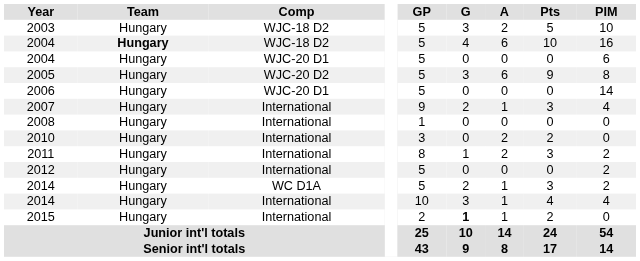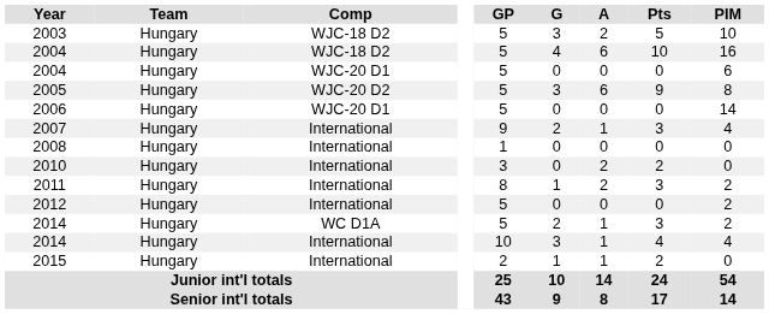 <table border="0" cellpadding="1" cellspacing="0" ID="Table3" style="text-align:center; width:50em">
 <tr ALIGN="center" bgcolor="#e0e0e0">
 <th>Year</th>
 <th>Team</th>
 <th>Comp</th>
 <th ALIGN="center" rowspan="99" bgcolor="#ffffff"> </th>
 <th>GP</th>
 <th>G</th>
 <th>A</th>
 <th>Pts</th>
 <th>PIM</th>
 </tr>
 <tr>
 <td>2003</td>
 <td>Hungary</td>
 <td>WJC-18 D2</td>
 <td>5</td>
 <td>3</td>
 <td>2</td>
 <td>5</td>
 <td>10</td>
 </tr>
 <tr bgcolor="#f0f0f0">
 <td>2004</td>
-<td><strong>Hungary</strong></td>
+<td>Hungary</td>
 <td>WJC-18 D2</td>
 <td>5</td>
 <td>4</td>
 <td>6</td>
 <td>10</td>
 <td>16</td>
 </tr>
 <tr>
 <td>2004</td>
 <td>Hungary</td>
 <td>WJC-20 D1</td>
 <td>5</td>
 <td>0</td>
 <td>0</td>
 <td>0</td>
 <td>6</td>
 </tr>
 <tr bgcolor="#f0f0f0">
 <td>2005</td>
 <td>Hungary</td>
 <td>WJC-20 D2</td>
 <td>5</td>
 <td>3</td>
 <td>6</td>
 <td>9</td>
 <td>8</td>
 </tr>
 <tr>
 <td>2006</td>
 <td>Hungary</td>
 <td>WJC-20 D1</td>
 <td>5</td>
 <td>0</td>
 <td>0</td>
 <td>0</td>
 <td>14</td>
 </tr>
 <tr bgcolor="#f0f0f0">
 <td>2007</td>
 <td>Hungary</td>
 <td>International</td>
 <td>9</td>
 <td>2</td>
 <td>1</td>
 <td>3</td>
 <td>4</td>
 </tr>
 <tr>
 <td>2008</td>
 <td>Hungary</td>
 <td>International</td>
 <td>1</td>
 <td>0</td>
 <td>0</td>
 <td>0</td>
 <td>0</td>
 </tr>
 <tr bgcolor="#f0f0f0">
 <td>2010</td>
 <td>Hungary</td>
 <td>International</td>
 <td>3</td>
 <td>0</td>
 <td>2</td>
 <td>2</td>
 <td>0</td>
 </tr>
 <tr>
 <td>2011</td>
 <td>Hungary</td>
 <td>International</td>
 <td>8</td>
 <td>1</td>
 <td>2</td>
 <td>3</td>
 <td>2</td>
 </tr>
 <tr bgcolor="#f0f0f0">
 <td>2012</td>
 <td>Hungary</td>
 <td>International</td>
 <td>5</td>
 <td>0</td>
 <td>0</td>
 <td>0</td>
 <td>2</td>
 </tr>
 <tr>
 <td>2014</td>
 <td>Hungary</td>
 <td>WC D1A</td>
 <td>5</td>
 <td>2</td>
 <td>1</td>
 <td>3</td>
 <td>2</td>
 </tr>
 <tr bgcolor="#f0f0f0">
 <td>2014</td>
 <td>Hungary</td>
 <td>International</td>
 <td>10</td>
 <td>3</td>
 <td>1</td>
 <td>4</td>
 <td>4</td>
 </tr>
 <tr>
 <td>2015</td>
 <td>Hungary</td>
 <td>International</td>
 <td>2</td>
-<td><strong>1</strong></td>
+<td>1</td>
 <td>1</td>
 <td>2</td>
 <td>0</td>
 </tr>
 <tr bgcolor="#e0e0e0">
 <th colspan=3>Junior int'l totals</th>
 <th>25</th>
 <th>10</th>
 <th>14</th>
 <th>24</th>
 <th>54</th>
 </tr>
 <tr bgcolor="#e0e0e0">
 <th colspan=3>Senior int'l totals</th>
 <th>43</th>
 <th>9</th>
 <th>8</th>
 <th>17</th>
 <th>14</th>
 </tr>
 </table>
